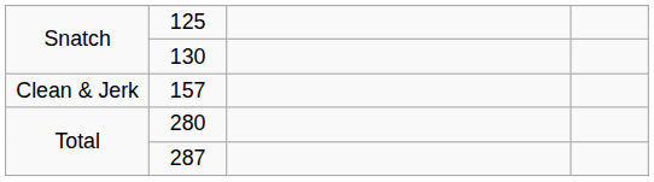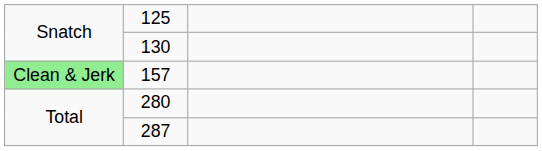 <table class = "wikitable" style="text-align:center;">
 <tr>
 <td rowspan=2 width=100>Snatch</td>
 <td width=50>125</td>
 <td width=250 align=left></td>
 <td width=50></td>
 </tr>
 <tr>
 <td>130</td>
 <td align=left></td>
 <td></td>
 </tr>
 <tr>
-<td>Clean & Jerk</td>
+<td style="background: lightgreen;">Clean & Jerk</td>
 <td>157</td>
 <td align=left></td>
 <td></td>
 </tr>
 <tr>
 <td rowspan=2>Total</td>
 <td>280</td>
 <td align=left></td>
 <td></td>
 </tr>
 <tr>
 <td>287</td>
 <td align=left></td>
 <td></td>
 </tr>
 </table>
